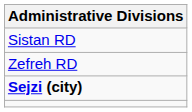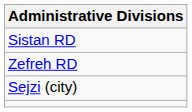 <table class="wikitable">
 <tr>
 <th>Administrative Divisions</th>
 </tr>
 <tr>
 <td><a href='#'>Sistan RD</a></td>
 </tr>
 <tr>
 <td><a href='#'>Zefreh RD</a></td>
 </tr>
 <tr>
-<td><strong><a href='#'>Sejzi</a> (city)</strong></td>
+<td><a href='#'>Sejzi</a> (city)</td>
 </tr>
 <tr>
 <td colspan=1></td>
 </tr>
 </table>
